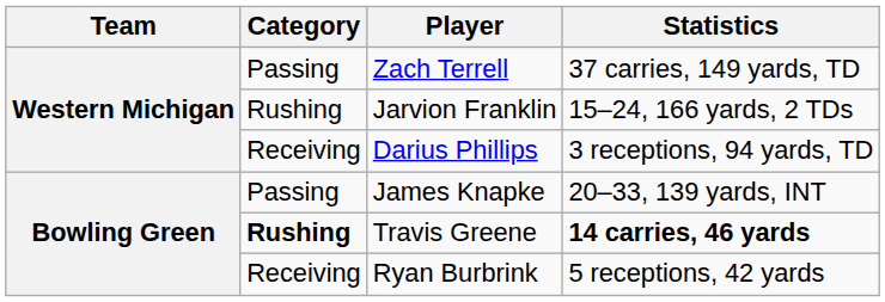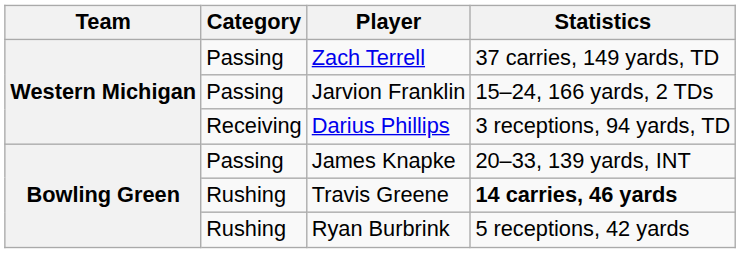 <table class="wikitable" style="float:right">
 <tr>
 <th>Team</th>
 <th>Category</th>
 <th>Player</th>
 <th>Statistics</th>
 </tr>
 <tr>
 <th rowspan=3>Western Michigan</th>
 <td>Passing</td>
 <td><a href='#'>Zach Terrell</a></td>
 <td>37 carries, 149 yards, TD</td>
 </tr>
 <tr>
-<td>Rushing</td>
+<td>Passing</td>
 <td>Jarvion Franklin</td>
 <td>15–24, 166 yards, 2 TDs</td>
 </tr>
 <tr>
 <td>Receiving</td>
 <td><a href='#'>Darius Phillips</a></td>
 <td>3 receptions, 94 yards, TD</td>
 </tr>
 <tr>
 <th rowspan=3>Bowling Green</th>
 <td>Passing</td>
 <td>James Knapke</td>
 <td>20–33, 139 yards, INT</td>
 </tr>
 <tr>
-<td><strong>Rushing</strong></td>
+<td>Rushing</td>
 <td>Travis Greene</td>
 <td><strong>14 carries, 46 yards</strong></td>
 </tr>
 <tr>
-<td>Receiving</td>
+<td>Rushing</td>
 <td>Ryan Burbrink</td>
 <td>5 receptions, 42 yards</td>
 </tr>
 </table>
